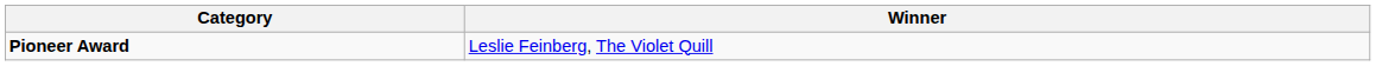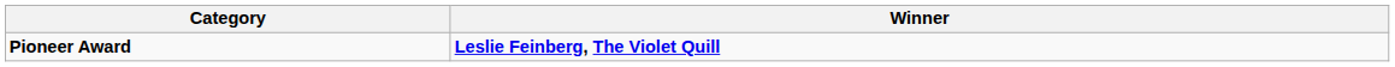 <table class="wikitable" width="100%">
 <tr>
 <th>Category</th>
 <th>Winner</th>
 </tr>
 <tr>
 <td><strong>Pioneer Award</strong></td>
-<td><a href='#'>Leslie Feinberg</a>, <a href='#'>The Violet Quill</a></td>
+<td><strong><a href='#'>Leslie Feinberg</a>, <a href='#'>The Violet Quill</a></strong></td>
 </tr>
 </table>
